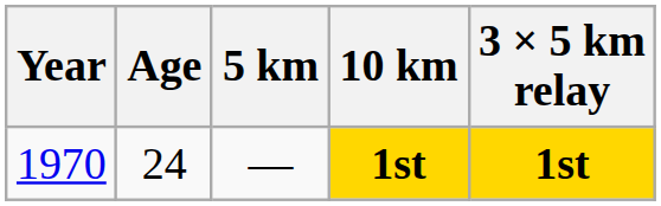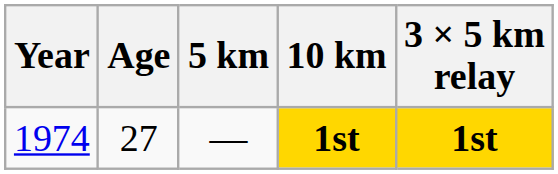 <table class="wikitable" style="text-align: center;">
 <tr>
 <th scope="col">Year</th>
 <th scope="col">Age</th>
 <th scope="col">5 km</th>
 <th scope="col">10 km</th>
 <th scope="col">3 × 5 km<br>relay</th>
 </tr>
 <tr>
-<td><a href='#'>1970</a></td>
-<td>24</td>
+<td><a href='#'>1974</a></td>
+<td>27</td>
 <td>—</td>
 <td style="background-color: gold;"><strong>1st</strong></td>
 <td style="background-color: gold;"><strong>1st</strong></td>
 </tr>
 </table>
